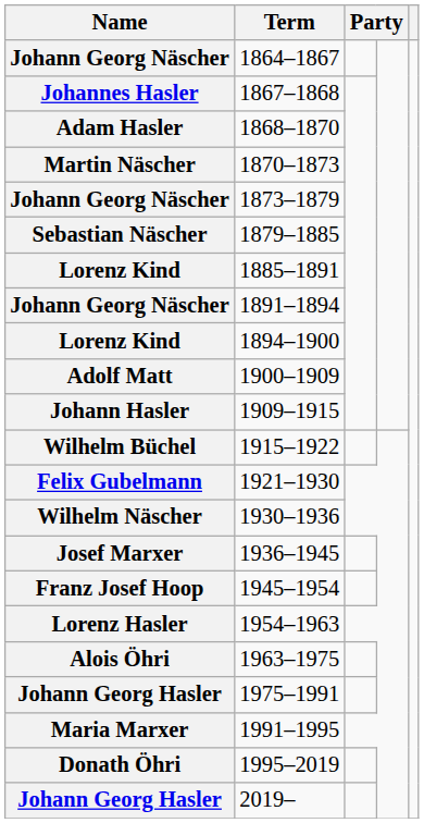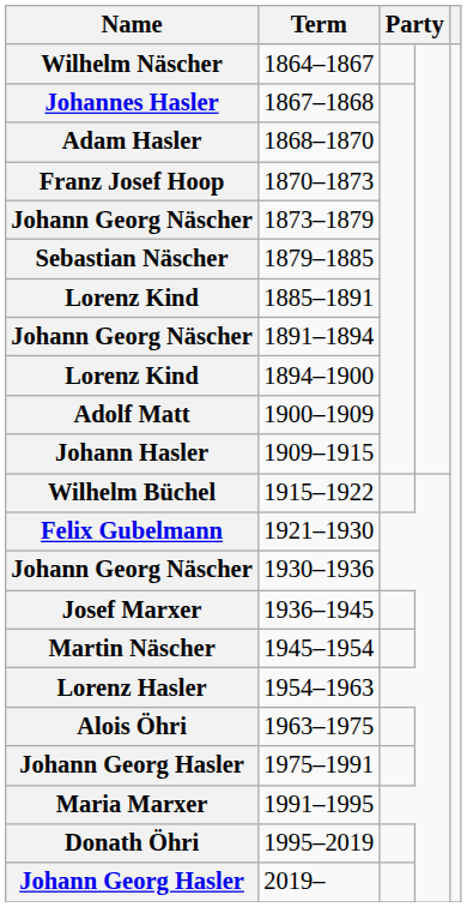 <table class="wikitable">
 <tr>
 <th scope="col">Name</th>
 <th scope="col">Term</th>
 <th colspan="2" scope="colgroup">Party</th>
 <th scope="col"></th>
 </tr>
 <tr>
-<th scope="row">Johann Georg Näscher</th>
+<th>Wilhelm Näscher</th>
 <td>1864–1867</td>
 <td style="background:"></td>
 <td rowspan="11"></td>
 <td rowspan="22"></td>
 </tr>
 <tr>
 <th><a href='#'>Johannes Hasler</a></th>
 <td>1867–1868</td>
 </tr>
 <tr>
 <th>Adam Hasler</th>
 <td>1868–1870</td>
 </tr>
 <tr>
-<th>Martin Näscher</th>
+<th>Franz Josef Hoop</th>
 <td>1870–1873</td>
 </tr>
 <tr>
 <th>Johann Georg Näscher</th>
 <td>1873–1879</td>
 </tr>
 <tr>
 <th>Sebastian Näscher</th>
 <td>1879–1885</td>
 </tr>
 <tr>
 <th>Lorenz Kind</th>
 <td>1885–1891</td>
 </tr>
 <tr>
 <th>Johann Georg Näscher</th>
 <td>1891–1894</td>
 </tr>
 <tr>
 <th>Lorenz Kind</th>
 <td>1894–1900</td>
 </tr>
 <tr>
 <th>Adolf Matt</th>
 <td>1900–1909</td>
 </tr>
 <tr>
 <th>Johann Hasler</th>
 <td>1909–1915</td>
 </tr>
 <tr>
 <th>Wilhelm Büchel</th>
 <td>1915–1922</td>
 <td></td>
 </tr>
 <tr>
 <th><a href='#'>Felix Gubelmann</a></th>
 <td>1921–1930</td>
 </tr>
 <tr>
-<th>Wilhelm Näscher</th>
+<th scope="row">Johann Georg Näscher</th>
 <td>1930–1936</td>
 </tr>
 <tr>
 <th>Josef Marxer</th>
 <td>1936–1945</td>
 <td></td>
 </tr>
 <tr>
-<th>Franz Josef Hoop</th>
+<th>Martin Näscher</th>
 <td>1945–1954</td>
 <td></td>
 </tr>
 <tr>
 <th>Lorenz Hasler</th>
 <td>1954–1963</td>
 </tr>
 <tr>
 <th>Alois Öhri</th>
 <td>1963–1975</td>
 <td></td>
 </tr>
 <tr>
 <th>Johann Georg Hasler</th>
 <td>1975–1991</td>
 <td></td>
 </tr>
 <tr>
 <th>Maria Marxer</th>
 <td>1991–1995</td>
 </tr>
 <tr>
 <th>Donath Öhri</th>
 <td>1995–2019</td>
 <td></td>
 </tr>
 <tr>
 <th><a href='#'>Johann Georg Hasler</a></th>
 <td>2019–</td>
 <td></td>
 </tr>
 <tr>
 </tr>
 </table>
